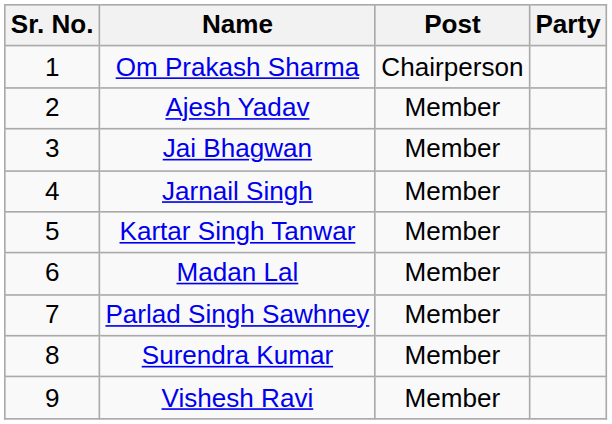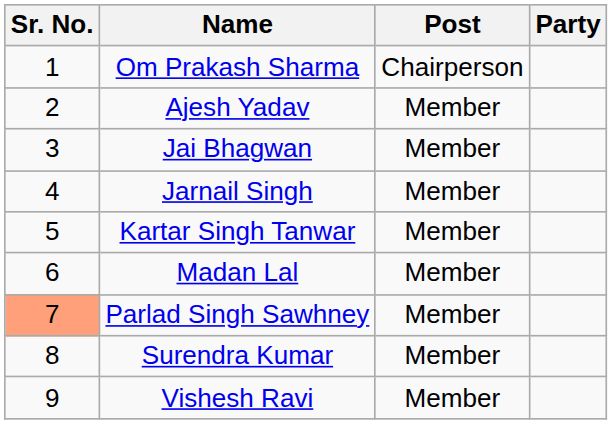 <table class="wikitable sortable">
 <tr>
 <th>Sr. No.</th>
 <th>Name</th>
 <th>Post</th>
 <th colspan="2">Party</th>
 </tr>
 <tr align="center">
 <td>1</td>
 <td><a href='#'>Om Prakash Sharma</a></td>
 <td>Chairperson</td>
 <td></td>
 </tr>
 <tr align="center">
 <td>2</td>
 <td><a href='#'>Ajesh Yadav</a></td>
 <td>Member</td>
 <td></td>
 </tr>
 <tr align="center">
 <td>3</td>
 <td><a href='#'>Jai Bhagwan</a></td>
 <td>Member</td>
 <td></td>
 </tr>
 <tr align="center">
 <td>4</td>
 <td><a href='#'>Jarnail Singh</a></td>
 <td>Member</td>
 <td></td>
 </tr>
 <tr align="center">
 <td>5</td>
 <td><a href='#'>Kartar Singh Tanwar</a></td>
 <td>Member</td>
 <td></td>
 </tr>
 <tr align="center">
 <td>6</td>
 <td><a href='#'>Madan Lal</a></td>
 <td>Member</td>
 <td></td>
 </tr>
 <tr align="center">
-<td>7</td>
+<td style="background: lightsalmon;">7</td>
 <td><a href='#'>Parlad Singh Sawhney</a></td>
 <td>Member</td>
 <td></td>
 </tr>
 <tr align="center">
 <td>8</td>
 <td><a href='#'>Surendra Kumar</a></td>
 <td>Member</td>
 <td></td>
 </tr>
 <tr align="center">
 <td>9</td>
 <td><a href='#'>Vishesh Ravi</a></td>
 <td>Member</td>
 <td></td>
 </tr>
 </table>
